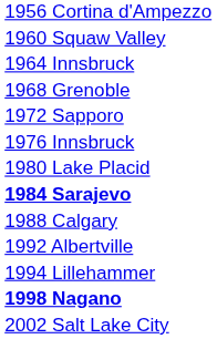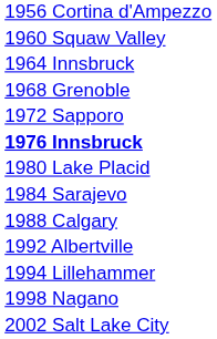 <table>
 <tr>
 <td><a href='#'>1956 Cortina d'Ampezzo</a><br></td>
 <td></td>
 <td></td>
 <td></td>
 </tr>
 <tr>
 <td><a href='#'>1960 Squaw Valley</a><br></td>
 <td></td>
 <td></td>
 <td></td>
 </tr>
 <tr>
 <td><a href='#'>1964 Innsbruck</a><br></td>
 <td></td>
 <td></td>
 <td></td>
 </tr>
 <tr>
 <td><a href='#'>1968 Grenoble</a><br></td>
 <td></td>
 <td></td>
 <td></td>
 </tr>
 <tr>
 <td><a href='#'>1972 Sapporo</a><br></td>
 <td></td>
 <td></td>
 <td></td>
 </tr>
 <tr>
-<td><a href='#'>1976 Innsbruck</a><br></td>
+<td><strong><a href='#'>1976 Innsbruck</a><br></strong></td>
 <td></td>
 <td></td>
 <td></td>
 </tr>
 <tr>
 <td><a href='#'>1980 Lake Placid</a><br></td>
 <td></td>
 <td></td>
 <td></td>
 </tr>
 <tr>
-<td><strong><a href='#'>1984 Sarajevo</a><br></strong></td>
+<td><a href='#'>1984 Sarajevo</a><br></td>
 <td></td>
 <td></td>
 <td></td>
 </tr>
 <tr>
 <td><a href='#'>1988 Calgary</a><br></td>
 <td></td>
 <td></td>
 <td></td>
 </tr>
 <tr>
 <td><a href='#'>1992 Albertville</a><br></td>
 <td></td>
 <td></td>
 <td></td>
 </tr>
 <tr>
 <td><a href='#'>1994 Lillehammer</a><br></td>
 <td></td>
 <td></td>
 <td></td>
 </tr>
 <tr>
-<td><strong><a href='#'>1998 Nagano</a><br></strong></td>
+<td><a href='#'>1998 Nagano</a><br></td>
 <td></td>
 <td></td>
 <td></td>
 </tr>
 <tr>
 <td><a href='#'>2002 Salt Lake City</a><br></td>
 <td></td>
 <td></td>
 <td></td>
 </tr>
 </table>
